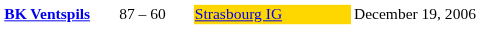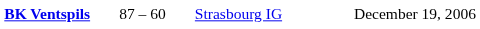 <table style="text-align:center">
 <tr>
 <th width=160></th>
 <th width=100></th>
 <th width=160></th>
 <th width=200></th>
 </tr>
 <tr>
 <td align=right><strong><a href='#'>BK Ventspils</a></strong> </td>
 <td>87 – 60</td>
-<td align=left style="background: gold;"> <a href='#'>Strasbourg IG</a></td>
+<td align=left> <a href='#'>Strasbourg IG</a></td>
 <td align=left>December 19, 2006</td>
 </tr>
 </table>
